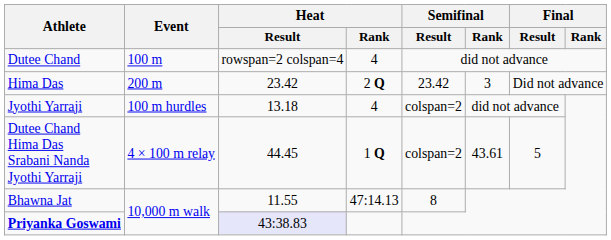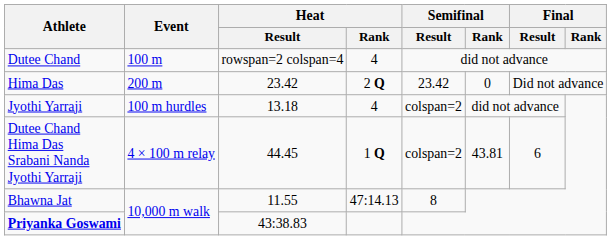 <table class="wikitable" style="font-size:90%; text-align:center">
 <tr>
 <th rowspan=2>Athlete</th>
 <th rowspan=2>Event</th>
 <th colspan=2>Heat</th>
 <th colspan=2>Semifinal</th>
 <th colspan=2>Final</th>
 </tr>
 <tr style="font-size:95%">
 <th>Result</th>
 <th>Rank</th>
 <th>Result</th>
 <th>Rank</th>
 <th>Result</th>
 <th>Rank</th>
 </tr>
 <tr>
 <td align=left><a href='#'>Dutee Chand</a></td>
 <td align=left rowspan=1><a href='#'>100 m</a></td>
 <td>rowspan=2 colspan=4 </td>
 <td>4</td>
 <td colspan=4>did not advance</td>
 </tr>
 <tr>
 <td align=left><a href='#'>Hima Das</a></td>
 <td align=left rowspan=1><a href='#'>200 m</a></td>
 <td>23.42</td>
 <td>2 <strong>Q</strong></td>
 <td>23.42</td>
-<td>3</td>
+<td>0</td>
 <td colspan=2>Did not advance</td>
 </tr>
 <tr>
 <td align=left><a href='#'>Jyothi Yarraji</a></td>
 <td align=left><a href='#'>100 m hurdles</a></td>
 <td>13.18</td>
 <td>4</td>
 <td>colspan=2 </td>
 <td colspan=2>did not advance</td>
 </tr>
 <tr>
 <td align=left><a href='#'>Dutee Chand</a><br><a href='#'>Hima Das</a><br><a href='#'>Srabani Nanda</a><br><a href='#'>Jyothi Yarraji</a></td>
 <td align=left><a href='#'>4 × 100 m relay</a></td>
 <td>44.45</td>
 <td>1 <strong>Q</strong></td>
 <td>colspan=2 </td>
-<td>43.61</td>
-<td>5</td>
+<td>43.81</td>
+<td>6</td>
 </tr>
 <tr>
 <td align=left><a href='#'>Bhawna Jat</a></td>
 <td rowspan="2" align="left"><a href='#'>10,000 m walk</a></td>
 <td>11.55</td>
 <td>47:14.13 </td>
 <td>8</td>
 </tr>
 <tr>
 <td align=left><strong><a href='#'>Priyanka Goswami</a></strong></td>
-<td style="background: lavender;">43:38.83 </td>
+<td>43:38.83 </td>
 <td></td>
 </tr>
 </table>
